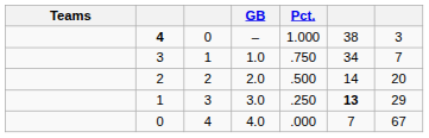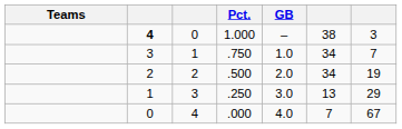 <table class="wikitable" style="text-align: center;">
 <tr>
 <th style="width: 150px;">Teams</th>
 <th style="width: 50px;"></th>
 <th style="width: 50px;"></th>
+<th style="width: 50px;"><a href='#'>Pct.</a></th>
 <th style="width: 50px;"><a href='#'>GB</a></th>
-<th style="width: 50px;"><a href='#'>Pct.</a></th>
 <th style="width: 50px;"></th>
 <th style="width: 50px;"></th>
 </tr>
 <tr style="background: ;">
 <td style="text-align: left;"></td>
 <td><strong>4</strong></td>
 <td>0</td>
+<td>1.000</td>
 <td>–</td>
-<td>1.000</td>
 <td>38</td>
 <td>3</td>
 </tr>
 <tr style="background: ;">
 <td style="text-align: left;"></td>
 <td>3</td>
 <td>1</td>
+<td>.750</td>
 <td>1.0</td>
-<td>.750</td>
 <td>34</td>
 <td>7</td>
 </tr>
 <tr style="background: ;">
 <td style="text-align: left;"></td>
 <td>2</td>
 <td>2</td>
+<td>.500</td>
 <td>2.0</td>
-<td>.500</td>
-<td>14</td>
-<td>20</td>
+<td>34</td>
+<td>19</td>
 </tr>
 <tr style="background: ;">
 <td style="text-align: left;"></td>
 <td>1</td>
 <td>3</td>
+<td>.250</td>
 <td>3.0</td>
-<td>.250</td>
-<td><strong>13</strong></td>
+<td>13</td>
 <td>29</td>
 </tr>
 <tr style="background: ;">
 <td style="text-align: left;"></td>
 <td>0</td>
 <td>4</td>
+<td>.000</td>
 <td>4.0</td>
-<td>.000</td>
 <td>7</td>
 <td>67</td>
 </tr>
 </table>
